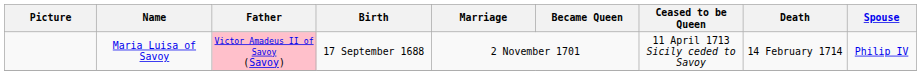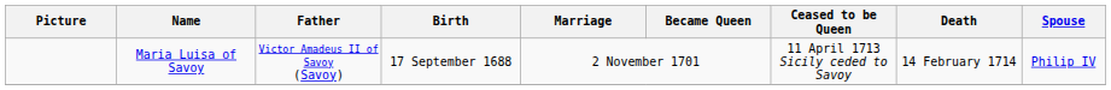 <table width=95% class="wikitable">
 <tr>
 <th width = "8%">Picture</th>
 <th width = "10%">Name</th>
 <th width = "9%">Father</th>
 <th width = "10%">Birth</th>
 <th width = "9%">Marriage</th>
 <th width = "9%">Became Queen</th>
 <th width = "9%">Ceased to be Queen</th>
 <th width = "9%">Death</th>
 <th width = "6%"><a href='#'>Spouse</a></th>
 </tr>
 <tr>
 <td align="center"></td>
 <td align="center"><a href='#'>Maria Luisa of Savoy</a></td>
-<td align="center" style="background: pink;"><small><a href='#'>Victor Amadeus II of Savoy</a></small><br> (<a href='#'>Savoy</a>)</td>
+<td align="center"><small><a href='#'>Victor Amadeus II of Savoy</a></small><br> (<a href='#'>Savoy</a>)</td>
 <td align="center">17 September 1688</td>
 <td align="center" colspan="2">2 November 1701</td>
 <td align="center">11 April 1713<br><em>Sicily ceded to Savoy</em></td>
 <td align="center">14 February 1714</td>
 <td align="center"><a href='#'>Philip IV</a></td>
 </tr>
 <tr>
 </tr>
 </table>
